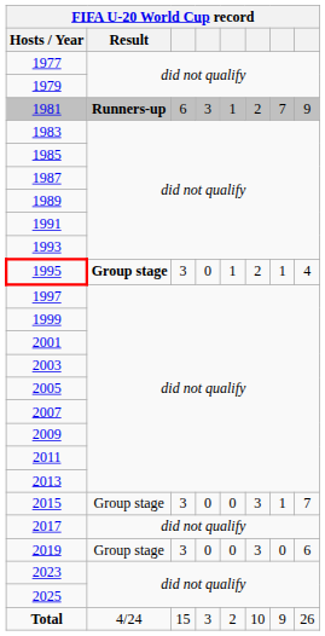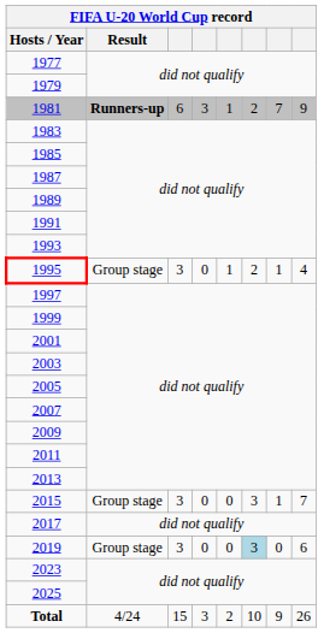 <table class="wikitable" style="text-align: center;">
 <tr>
 <th colspan=8><a href='#'>FIFA U-20 World Cup</a> record</th>
 </tr>
 <tr>
 <th>Hosts / Year</th>
 <th>Result</th>
 <th width=20></th>
 <th width=20></th>
 <th width=20></th>
 <th width=20></th>
 <th width=20></th>
 <th width=20></th>
 </tr>
 <tr>
 <td> <a href='#'>1977</a></td>
 <td colspan=7 rowspan=2><em>did not qualify</em></td>
 </tr>
 <tr>
 <td> <a href='#'>1979</a></td>
 </tr>
 <tr bgcolor=silver>
 <td> <a href='#'>1981</a></td>
 <td><strong>Runners-up</strong></td>
 <td>6</td>
 <td>3</td>
 <td>1</td>
 <td>2</td>
 <td>7</td>
 <td>9</td>
 </tr>
 <tr>
 <td> <a href='#'>1983</a></td>
 <td colspan=7 rowspan=6><em>did not qualify</em></td>
 </tr>
 <tr>
 <td> <a href='#'>1985</a></td>
 </tr>
 <tr>
 <td> <a href='#'>1987</a></td>
 </tr>
 <tr>
 <td> <a href='#'>1989</a></td>
 </tr>
 <tr>
 <td> <a href='#'>1991</a></td>
 </tr>
 <tr>
 <td> <a href='#'>1993</a></td>
 </tr>
 <tr>
 <td style="border: 3px solid red"> <a href='#'>1995</a></td>
-<td><strong>Group stage</strong></td>
+<td>Group stage</td>
 <td>3</td>
 <td>0</td>
 <td>1</td>
 <td>2</td>
 <td>1</td>
 <td>4</td>
 </tr>
 <tr>
 <td> <a href='#'>1997</a></td>
 <td colspan=7 rowspan=9><em>did not qualify</em></td>
 </tr>
 <tr>
 <td> <a href='#'>1999</a></td>
 </tr>
 <tr>
 <td> <a href='#'>2001</a></td>
 </tr>
 <tr>
 <td> <a href='#'>2003</a></td>
 </tr>
 <tr>
 <td> <a href='#'>2005</a></td>
 </tr>
 <tr>
 <td> <a href='#'>2007</a></td>
 </tr>
 <tr>
 <td> <a href='#'>2009</a></td>
 </tr>
 <tr>
 <td> <a href='#'>2011</a></td>
 </tr>
 <tr>
 <td> <a href='#'>2013</a></td>
 </tr>
 <tr>
 <td> <a href='#'>2015</a></td>
 <td>Group stage</td>
 <td>3</td>
 <td>0</td>
 <td>0</td>
 <td>3</td>
 <td>1</td>
 <td>7</td>
 </tr>
 <tr>
 <td> <a href='#'>2017</a></td>
 <td colspan=7><em>did not qualify</em></td>
 </tr>
 <tr>
 <td> <a href='#'>2019</a></td>
 <td>Group stage</td>
 <td>3</td>
 <td>0</td>
 <td>0</td>
-<td>3</td>
+<td style="background: lightblue;">3</td>
 <td>0</td>
 <td>6</td>
 </tr>
 <tr>
 <td> <a href='#'>2023</a></td>
 <td rowspan=2 colspan=7><em>did not qualify</em></td>
 </tr>
 <tr>
 <td> <a href='#'>2025</a></td>
 </tr>
 <tr>
 <td><strong>Total</strong></td>
 <td>4/24</td>
 <td>15</td>
 <td>3</td>
 <td>2</td>
 <td>10</td>
 <td>9</td>
 <td>26</td>
 </tr>
 </table>
